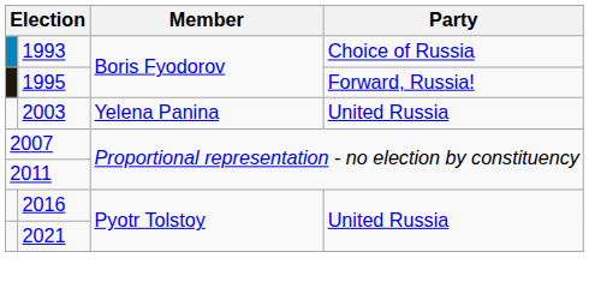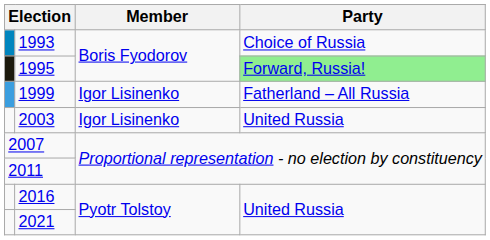 <table class="wikitable">
 <tr>
 <th colspan="2">Election</th>
 <th>Member</th>
 <th>Party</th>
 </tr>
 <tr>
 <td style="background-color:#0085BE"></td>
 <td><a href='#'>1993</a></td>
 <td rowspan=2><a href='#'>Boris Fyodorov</a></td>
 <td><a href='#'>Choice of Russia</a></td>
 </tr>
 <tr>
 <td style="background-color:#1C1A0D"></td>
 <td><a href='#'>1995</a></td>
-<td><a href='#'>Forward, Russia!</a></td>
+<td style="background: lightgreen;"><a href='#'>Forward, Russia!</a></td>
+</tr>
+<tr>
+<td style="background-color:#3B9EDF"></td>
+<td><a href='#'>1999</a></td>
+<td><a href='#'>Igor Lisinenko</a></td>
+<td><a href='#'>Fatherland – All Russia</a></td>
 </tr>
 <tr>
 <td style="background-color:"></td>
 <td><a href='#'>2003</a></td>
-<td><a href='#'>Yelena Panina</a></td>
+<td><a href='#'>Igor Lisinenko</a></td>
 <td><a href='#'>United Russia</a></td>
 </tr>
 <tr>
 <td colspan=2><a href='#'>2007</a></td>
 <td colspan=2 rowspan=2><em><a href='#'>Proportional representation</a> - no election by constituency</em></td>
 </tr>
 <tr>
 <td colspan=2><a href='#'>2011</a></td>
 </tr>
 <tr>
 <td style="background-color:"></td>
 <td><a href='#'>2016</a></td>
 <td rowspan=2><a href='#'>Pyotr Tolstoy</a></td>
 <td rowspan=2><a href='#'>United Russia</a></td>
 </tr>
 <tr>
 <td style="background-color:"></td>
 <td><a href='#'>2021</a></td>
 </tr>
 </table>
